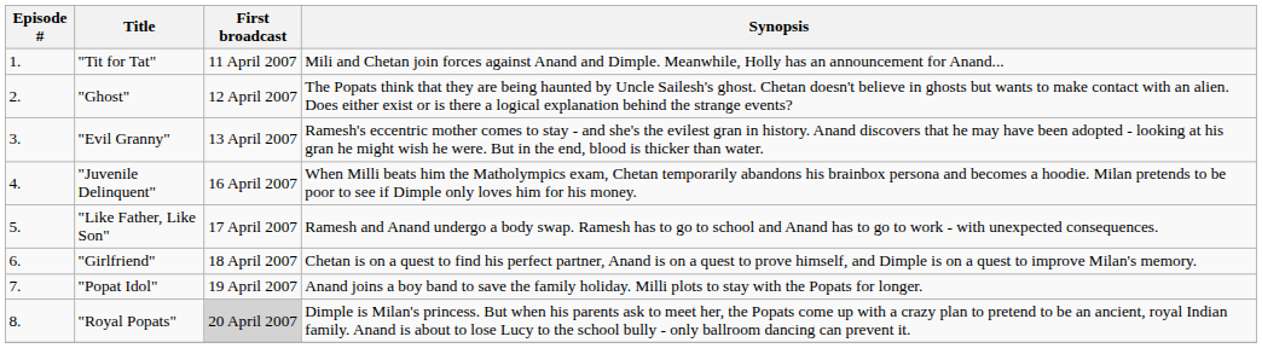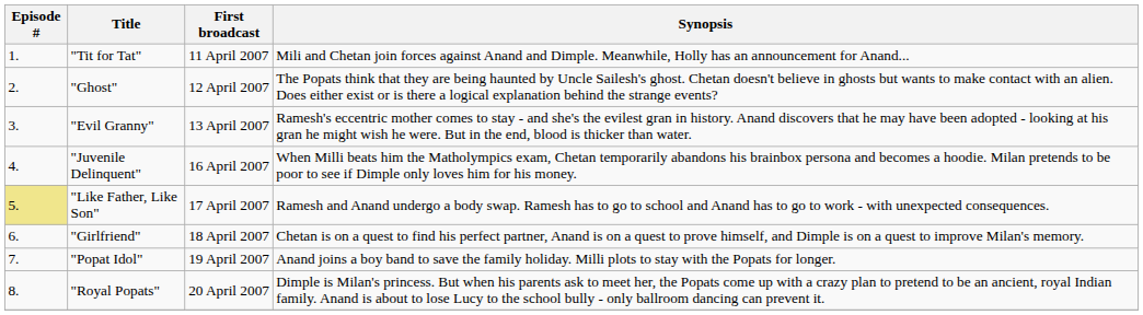 <table class="wikitable">
 <tr>
 <th>Episode #</th>
 <th>Title</th>
 <th>First broadcast</th>
 <th>Synopsis</th>
 </tr>
 <tr>
 <td>1.</td>
 <td>"Tit for Tat"</td>
 <td>11 April 2007</td>
 <td>Mili and Chetan join forces against Anand and Dimple. Meanwhile, Holly has an announcement for Anand...</td>
 </tr>
 <tr>
 <td>2.</td>
 <td>"Ghost"</td>
 <td>12 April 2007</td>
 <td>The Popats think that they are being haunted by Uncle Sailesh's ghost. Chetan doesn't believe in ghosts but wants to make contact with an alien. Does either exist or is there a logical explanation behind the strange events?</td>
 </tr>
 <tr>
 <td>3.</td>
 <td>"Evil Granny"</td>
 <td>13 April 2007</td>
 <td>Ramesh's eccentric mother comes to stay - and she's the evilest gran in history. Anand discovers that he may have been adopted - looking at his gran he might wish he were. But in the end, blood is thicker than water.</td>
 </tr>
 <tr>
 <td>4.</td>
 <td>"Juvenile Delinquent"</td>
 <td>16 April 2007</td>
 <td>When Milli beats him the Matholympics exam, Chetan temporarily abandons his brainbox persona and becomes a hoodie. Milan pretends to be poor to see if Dimple only loves him for his money.</td>
 </tr>
 <tr>
-<td>5.</td>
+<td style="background: khaki;">5.</td>
 <td>"Like Father, Like Son"</td>
 <td>17 April 2007</td>
 <td>Ramesh and Anand undergo a body swap. Ramesh has to go to school and Anand has to go to work - with unexpected consequences.</td>
 </tr>
 <tr>
 <td>6.</td>
 <td>"Girlfriend"</td>
 <td>18 April 2007</td>
 <td>Chetan is on a quest to find his perfect partner, Anand is on a quest to prove himself, and Dimple is on a quest to improve Milan's memory.</td>
 </tr>
 <tr>
 <td>7.</td>
 <td>"Popat Idol"</td>
 <td>19 April 2007</td>
 <td>Anand joins a boy band to save the family holiday. Milli plots to stay with the Popats for longer.</td>
 </tr>
 <tr>
 <td>8.</td>
 <td>"Royal Popats"</td>
-<td style="background: lightgrey;">20 April 2007</td>
+<td>20 April 2007</td>
 <td>Dimple is Milan's princess. But when his parents ask to meet her, the Popats come up with a crazy plan to pretend to be an ancient, royal Indian family. Anand is about to lose Lucy to the school bully - only ballroom dancing can prevent it.</td>
 </tr>
 <tr>
 </tr>
 </table>
